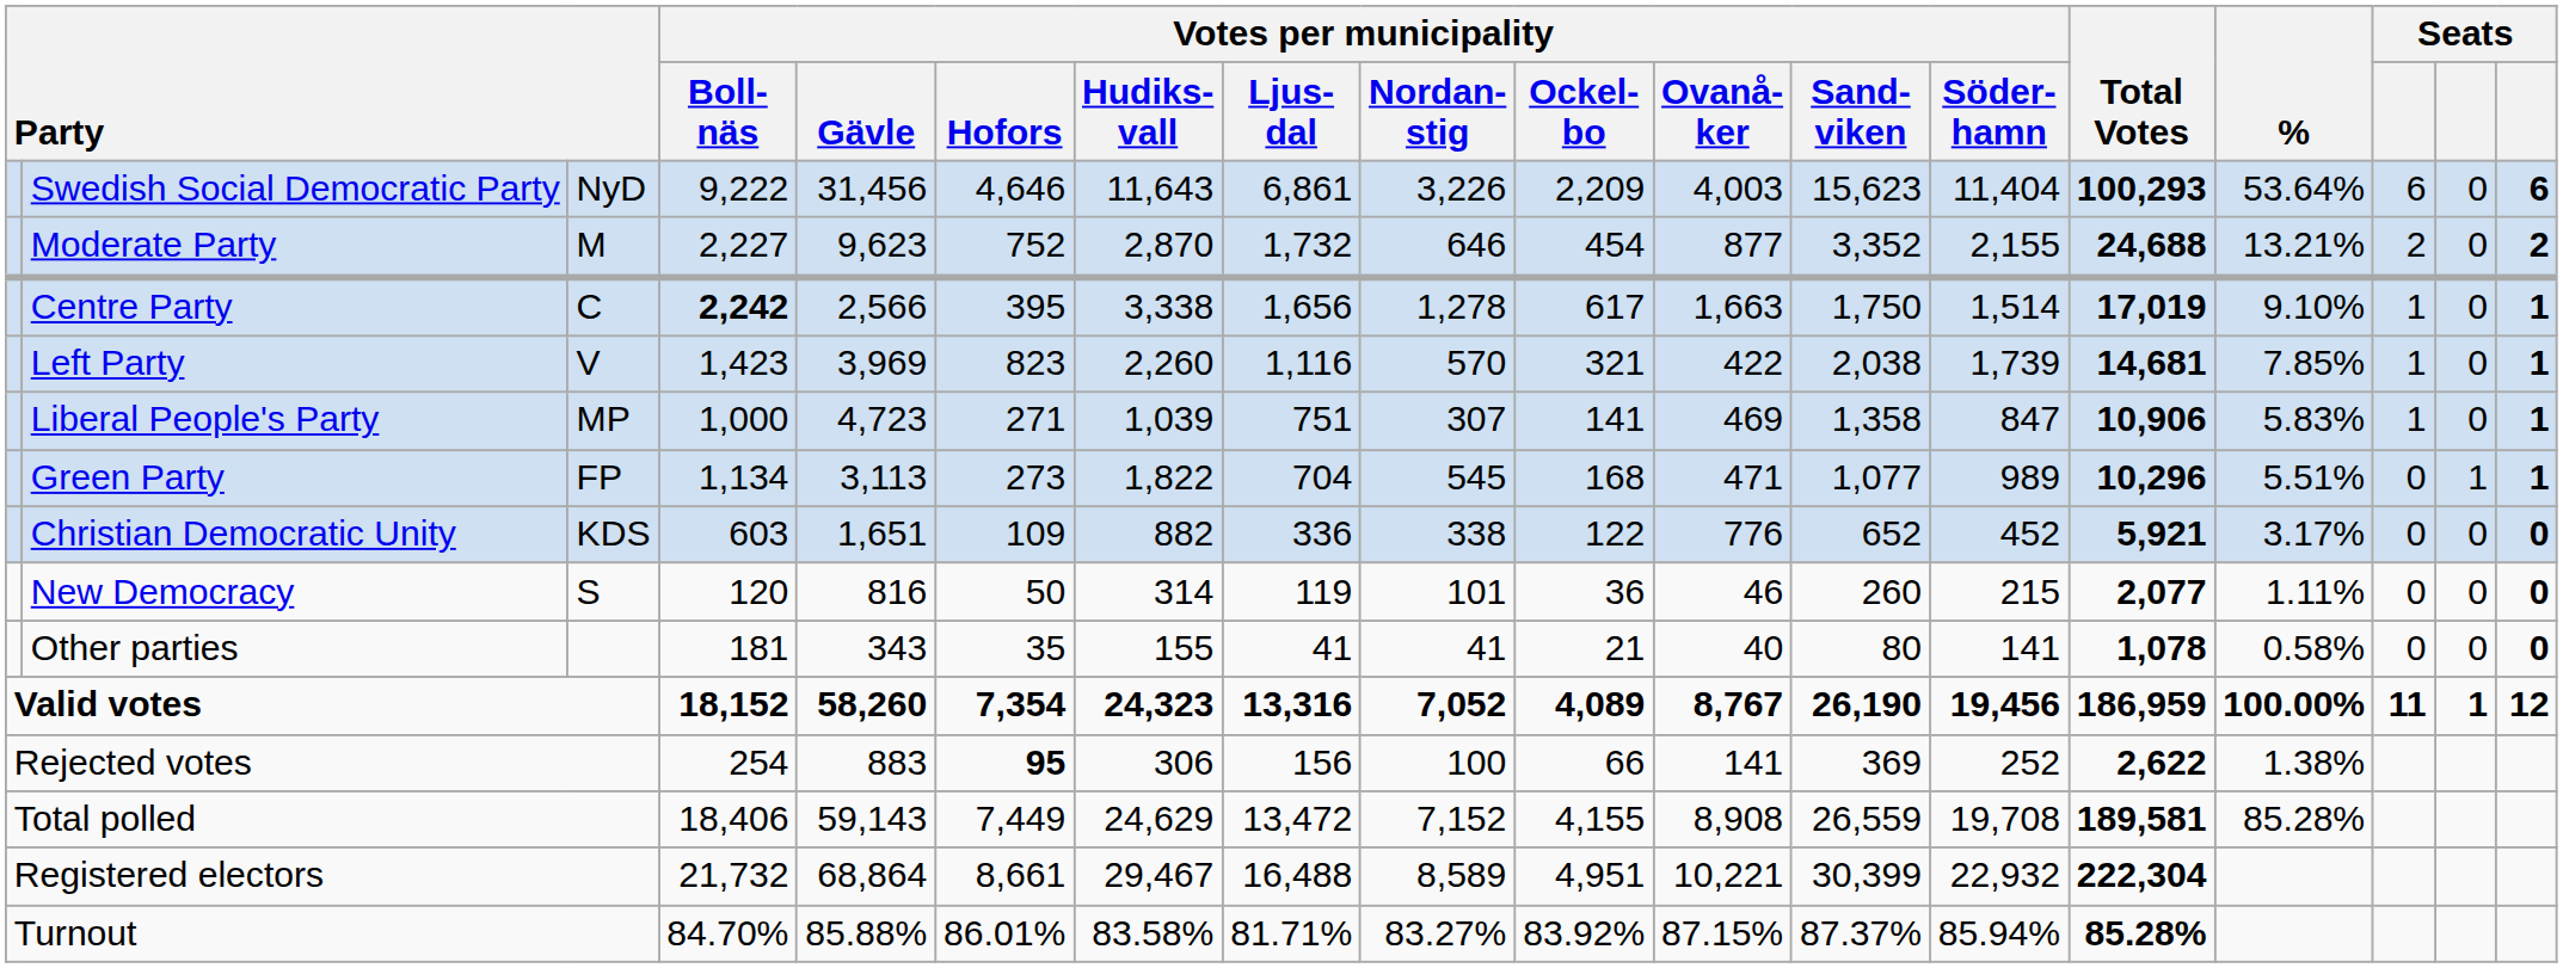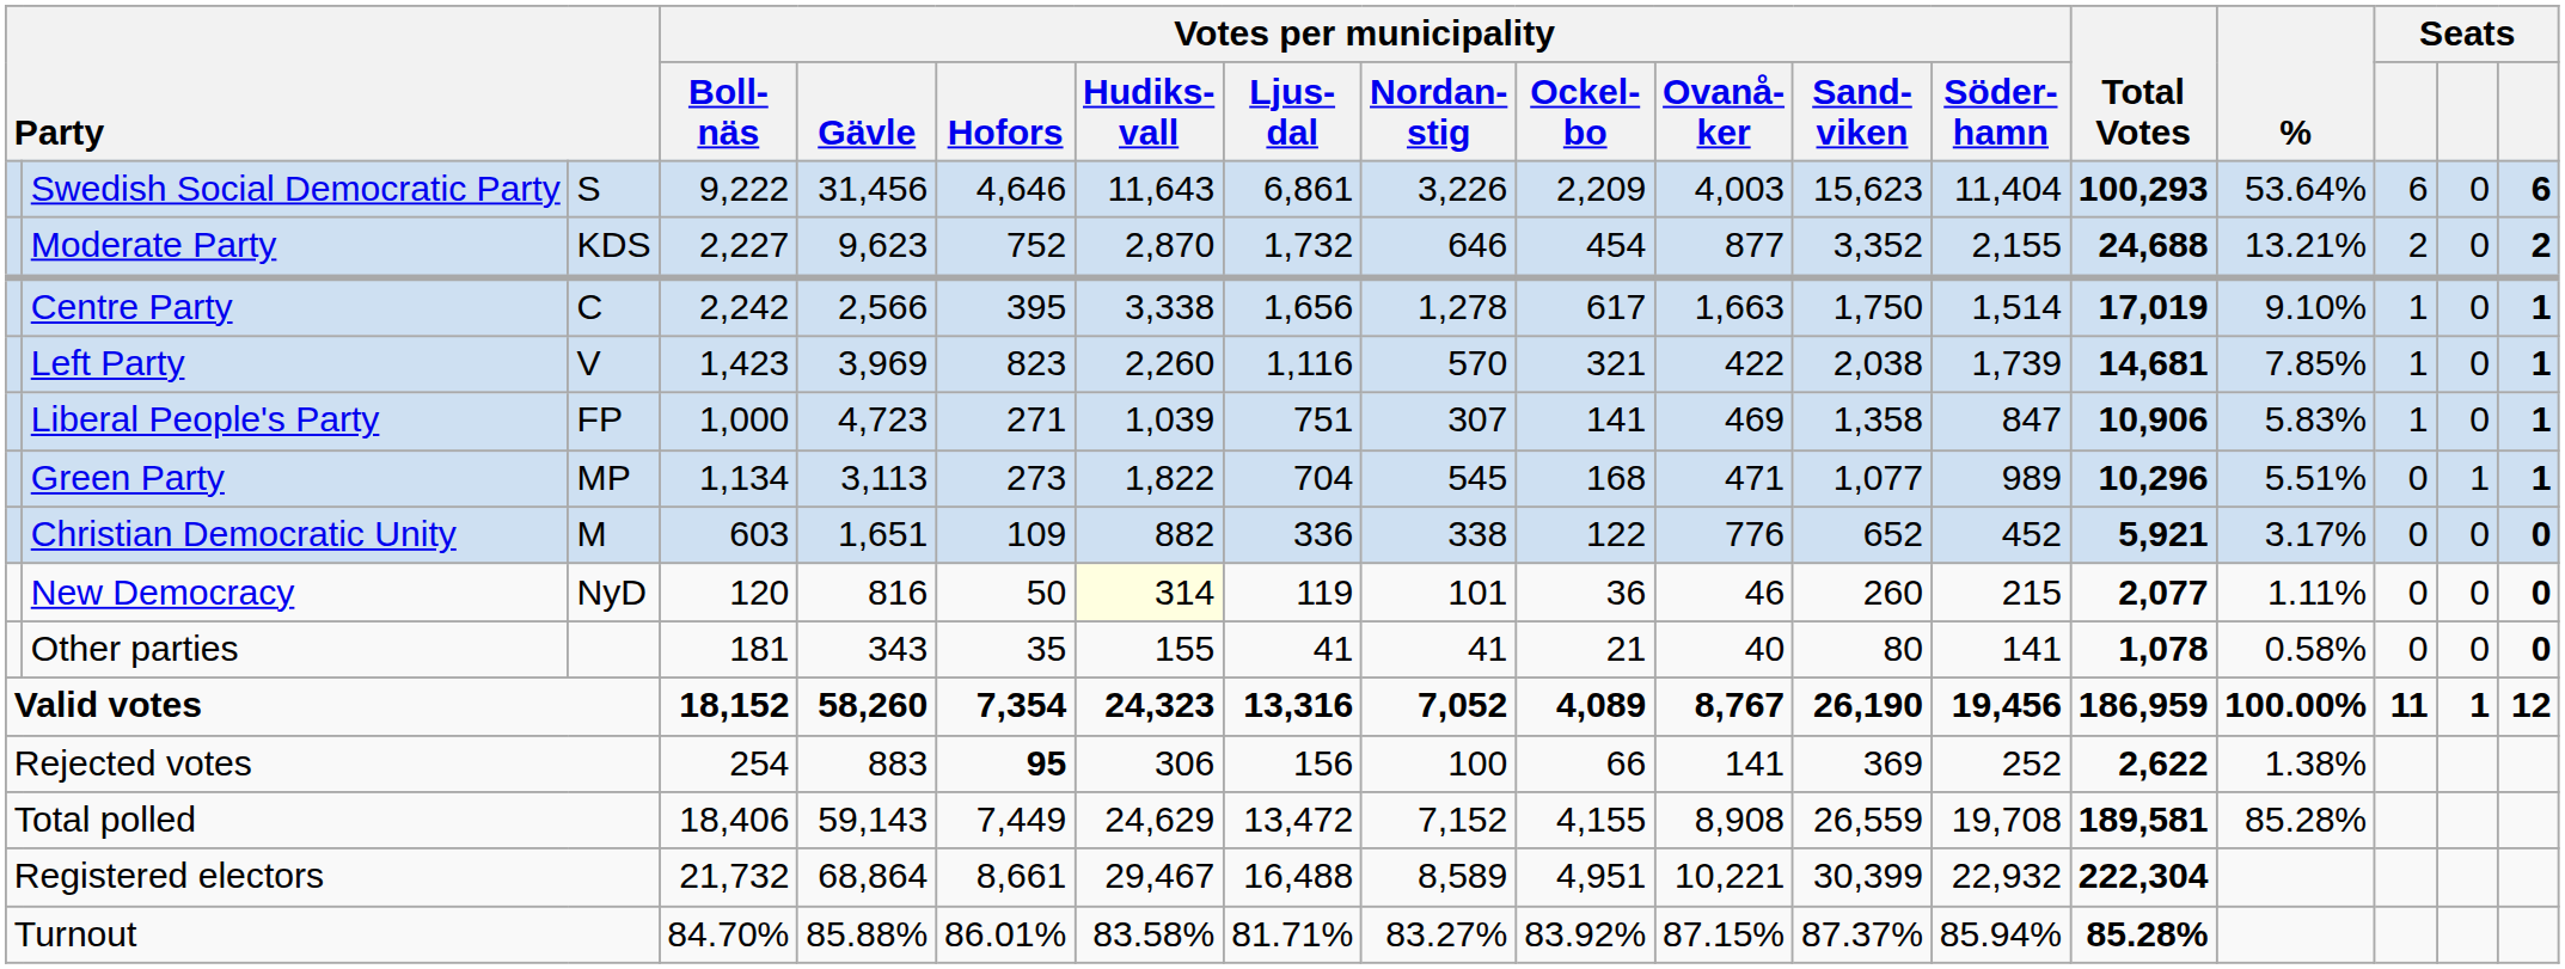 <table class="wikitable" border="1" style="text-align:right;">
 <tr>
 <th style="text-align:left;" valign=bottom rowspan=2 colspan=3>Party</th>
 <th colspan=10>Votes per municipality</th>
 <th align=center valign=bottom rowspan=2 width="50">Total Votes</th>
 <th align=center valign=bottom rowspan=2 width="50">%</th>
 <th colspan=3>Seats</th>
 </tr>
 <tr>
 <th align=center valign=bottom width="50"><a href='#'>Boll- näs</a></th>
 <th align=center valign=bottom width="50"><a href='#'>Gävle</a></th>
 <th align=center valign=bottom width="50"><a href='#'>Hofors</a></th>
 <th align=center valign=bottom width="50"><a href='#'>Hudiks- vall</a></th>
 <th align=center valign=bottom width="50"><a href='#'>Ljus- dal</a></th>
 <th align=center valign=bottom width="50"><a href='#'>Nordan- stig</a></th>
 <th align=center valign=bottom width="50"><a href='#'>Ockel- bo</a></th>
 <th align=center valign=bottom width="50"><a href='#'>Ovanå- ker</a></th>
 <th align=center valign=bottom width="50"><a href='#'>Sand- viken</a></th>
 <th align=center valign=bottom width="50"><a href='#'>Söder- hamn</a></th>
 <th align=center valign=bottom width="20"><small></small></th>
 <th align=center valign=bottom width="20"><small><a href='#'></a></small></th>
 <th align=center valign=bottom width="20"><small></small></th>
 </tr>
 <tr style="background:#CEE0F2;">
 <td></td>
 <td align=left style="white-space: nowrap;"><a href='#'>Swedish Social Democratic Party</a></td>
-<td align=left>NyD</td>
+<td align=left>S</td>
 <td>9,222</td>
 <td>31,456</td>
 <td>4,646</td>
 <td>11,643</td>
 <td>6,861</td>
 <td>3,226</td>
 <td>2,209</td>
 <td>4,003</td>
 <td>15,623</td>
 <td>11,404</td>
 <td><strong>100,293</strong></td>
 <td>53.64%</td>
 <td>6</td>
 <td>0</td>
 <td><strong>6</strong></td>
 </tr>
 <tr style="background:#CEE0F2;">
 <td></td>
 <td align=left><a href='#'>Moderate Party</a></td>
-<td align=left>M</td>
+<td align=left>KDS</td>
 <td>2,227</td>
 <td>9,623</td>
 <td>752</td>
 <td>2,870</td>
 <td>1,732</td>
 <td>646</td>
 <td>454</td>
 <td>877</td>
 <td>3,352</td>
 <td>2,155</td>
 <td><strong>24,688</strong></td>
 <td>13.21%</td>
 <td>2</td>
 <td>0</td>
 <td><strong>2</strong></td>
 </tr>
 <tr style="background:#CEE0F2; border-top:3px solid darkgray;">
 <td></td>
 <td align=left><a href='#'>Centre Party</a></td>
 <td align=left>C</td>
-<td><strong>2,242</strong></td>
+<td>2,242</td>
 <td>2,566</td>
 <td>395</td>
 <td>3,338</td>
 <td>1,656</td>
 <td>1,278</td>
 <td>617</td>
 <td>1,663</td>
 <td>1,750</td>
 <td>1,514</td>
 <td><strong>17,019</strong></td>
 <td>9.10%</td>
 <td>1</td>
 <td>0</td>
 <td><strong>1</strong></td>
 </tr>
 <tr style="background:#CEE0F2;">
 <td></td>
 <td align=left><a href='#'>Left Party</a></td>
 <td align=left>V</td>
 <td>1,423</td>
 <td>3,969</td>
 <td>823</td>
 <td>2,260</td>
 <td>1,116</td>
 <td>570</td>
 <td>321</td>
 <td>422</td>
 <td>2,038</td>
 <td>1,739</td>
 <td><strong>14,681</strong></td>
 <td>7.85%</td>
 <td>1</td>
 <td>0</td>
 <td><strong>1</strong></td>
 </tr>
 <tr style="background:#CEE0F2;">
 <td></td>
 <td align=left><a href='#'>Liberal People's Party</a></td>
-<td align=left>MP</td>
+<td align=left>FP</td>
 <td>1,000</td>
 <td>4,723</td>
 <td>271</td>
 <td>1,039</td>
 <td>751</td>
 <td>307</td>
 <td>141</td>
 <td>469</td>
 <td>1,358</td>
 <td>847</td>
 <td><strong>10,906</strong></td>
 <td>5.83%</td>
 <td>1</td>
 <td>0</td>
 <td><strong>1</strong></td>
 </tr>
 <tr style="background:#CEE0F2;">
 <td></td>
 <td align=left><a href='#'>Green Party</a></td>
-<td align=left>FP</td>
+<td align=left>MP</td>
 <td>1,134</td>
 <td>3,113</td>
 <td>273</td>
 <td>1,822</td>
 <td>704</td>
 <td>545</td>
 <td>168</td>
 <td>471</td>
 <td>1,077</td>
 <td>989</td>
 <td><strong>10,296</strong></td>
 <td>5.51%</td>
 <td>0</td>
 <td>1</td>
 <td><strong>1</strong></td>
 </tr>
 <tr style="background:#CEE0F2;">
 <td></td>
 <td align=left><a href='#'>Christian Democratic Unity</a></td>
-<td align=left>KDS</td>
+<td align=left>M</td>
 <td>603</td>
 <td>1,651</td>
 <td>109</td>
 <td>882</td>
 <td>336</td>
 <td>338</td>
 <td>122</td>
 <td>776</td>
 <td>652</td>
 <td>452</td>
 <td><strong>5,921</strong></td>
 <td>3.17%</td>
 <td>0</td>
 <td>0</td>
 <td><strong>0</strong></td>
 </tr>
 <tr>
 <td></td>
 <td align=left><a href='#'>New Democracy</a></td>
-<td align=left>S</td>
+<td align=left>NyD</td>
 <td>120</td>
 <td>816</td>
 <td>50</td>
-<td>314</td>
+<td style="background: lightyellow;">314</td>
 <td>119</td>
 <td>101</td>
 <td>36</td>
 <td>46</td>
 <td>260</td>
 <td>215</td>
 <td><strong>2,077</strong></td>
 <td>1.11%</td>
 <td>0</td>
 <td>0</td>
 <td><strong>0</strong></td>
 </tr>
 <tr>
 <td></td>
 <td align=left>Other parties</td>
 <td></td>
 <td>181</td>
 <td>343</td>
 <td>35</td>
 <td>155</td>
 <td>41</td>
 <td>41</td>
 <td>21</td>
 <td>40</td>
 <td>80</td>
 <td>141</td>
 <td><strong>1,078</strong></td>
 <td>0.58%</td>
 <td>0</td>
 <td>0</td>
 <td><strong>0</strong></td>
 </tr>
 <tr style="font-weight:bold">
 <td align=left colspan=3>Valid votes</td>
 <td>18,152</td>
 <td>58,260</td>
 <td>7,354</td>
 <td>24,323</td>
 <td>13,316</td>
 <td>7,052</td>
 <td>4,089</td>
 <td>8,767</td>
 <td>26,190</td>
 <td>19,456</td>
 <td>186,959</td>
 <td>100.00%</td>
 <td>11</td>
 <td>1</td>
 <td>12</td>
 </tr>
 <tr>
 <td align=left colspan=3>Rejected votes</td>
 <td>254</td>
 <td>883</td>
 <td><strong>95</strong></td>
 <td>306</td>
 <td>156</td>
 <td>100</td>
 <td>66</td>
 <td>141</td>
 <td>369</td>
 <td>252</td>
 <td><strong>2,622</strong></td>
 <td>1.38%</td>
 <td></td>
 <td></td>
 <td></td>
 </tr>
 <tr>
 <td align=left colspan=3>Total polled</td>
 <td>18,406</td>
 <td>59,143</td>
 <td>7,449</td>
 <td>24,629</td>
 <td>13,472</td>
 <td>7,152</td>
 <td>4,155</td>
 <td>8,908</td>
 <td>26,559</td>
 <td>19,708</td>
 <td><strong>189,581</strong></td>
 <td>85.28%</td>
 <td></td>
 <td></td>
 <td></td>
 </tr>
 <tr>
 <td align=left colspan=3>Registered electors</td>
 <td>21,732</td>
 <td>68,864</td>
 <td>8,661</td>
 <td>29,467</td>
 <td>16,488</td>
 <td>8,589</td>
 <td>4,951</td>
 <td>10,221</td>
 <td>30,399</td>
 <td>22,932</td>
 <td><strong>222,304</strong></td>
 <td></td>
 <td></td>
 <td></td>
 <td></td>
 </tr>
 <tr>
 <td align=left colspan=3>Turnout</td>
 <td>84.70%</td>
 <td>85.88%</td>
 <td>86.01%</td>
 <td>83.58%</td>
 <td>81.71%</td>
 <td>83.27%</td>
 <td>83.92%</td>
 <td>87.15%</td>
 <td>87.37%</td>
 <td>85.94%</td>
 <td><strong>85.28%</strong></td>
 <td></td>
 <td></td>
 <td></td>
 <td></td>
 </tr>
 </table>
